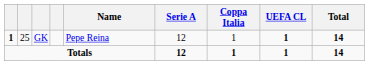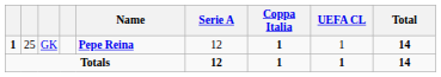 <table class="wikitable" style="text-align:center">
 <tr>
 <th width=15></th>
 <th width=15></th>
 <th width=15></th>
 <th width=15></th>
 <th width=145>Name</th>
 <th width=80><a href='#'>Serie A</a></th>
 <th width=80><a href='#'>Coppa Italia</a></th>
 <th width=80><a href='#'>UEFA CL</a></th>
 <th width=80>Total</th>
 </tr>
 <tr>
 <td><strong>1</strong></td>
 <td>25</td>
 <td><a href='#'>GK</a></td>
 <td></td>
-<td align=left><a href='#'>Pepe Reina</a></td>
+<td align=left><strong><a href='#'>Pepe Reina</a></strong></td>
 <td>12</td>
+<td><strong>1</strong></td>
 <td>1</td>
-<td><strong>1</strong></td>
 <td><strong>14</strong></td>
 </tr>
 <tr>
 <td colspan=5><strong>Totals</strong></td>
 <td><strong>12</strong></td>
 <td><strong>1</strong></td>
 <td><strong>1</strong></td>
 <td><strong>14</strong></td>
 </tr>
 </table>
